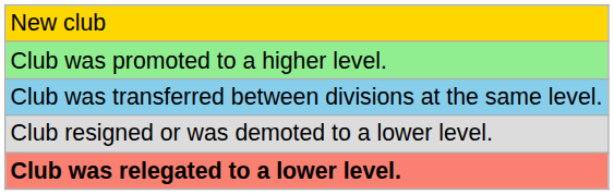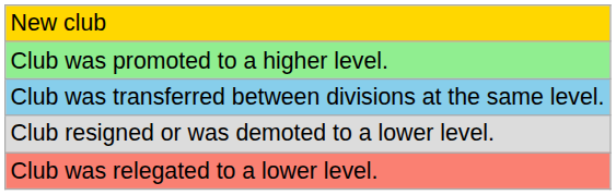 <table class="wikitable">
 <tr>
 <td style="background:gold">New club</td>
 </tr>
 <tr>
 <td style="background:lightgreen">Club was promoted to a higher level.</td>
 </tr>
 <tr>
 <td style="background:skyblue">Club was transferred between divisions at the same level.</td>
 </tr>
 <tr>
 <td style="background:gainsboro">Club resigned or was demoted to a lower level.</td>
 </tr>
 <tr>
-<td style="background:salmon"><strong>Club was relegated to a lower level.</strong></td>
+<td style="background:salmon">Club was relegated to a lower level.</td>
 </tr>
 </table>
